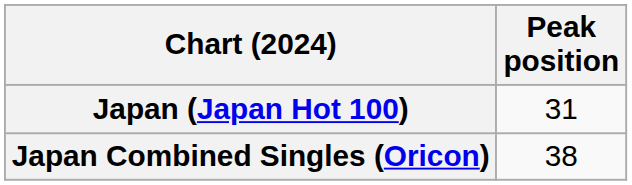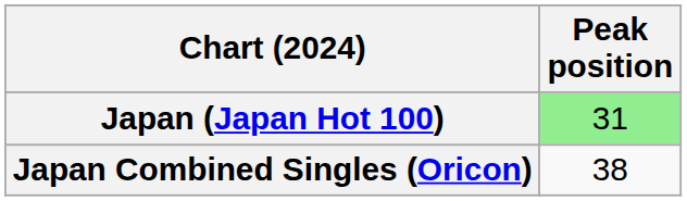 <table class="wikitable sortable plainrowheaders" style="text-align:center">
 <tr>
 <th scope="col">Chart (2024)</th>
 <th scope="col">Peak<br>position</th>
 </tr>
 <tr>
 <th scope="row">Japan (<a href='#'>Japan Hot 100</a>)</th>
-<td>31</td>
+<td style="background: lightgreen;">31</td>
 </tr>
 <tr>
 <th scope="row">Japan Combined Singles (<a href='#'>Oricon</a>)</th>
 <td>38</td>
 </tr>
 </table>
